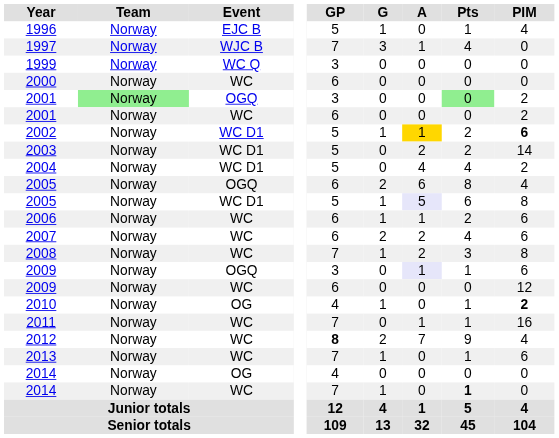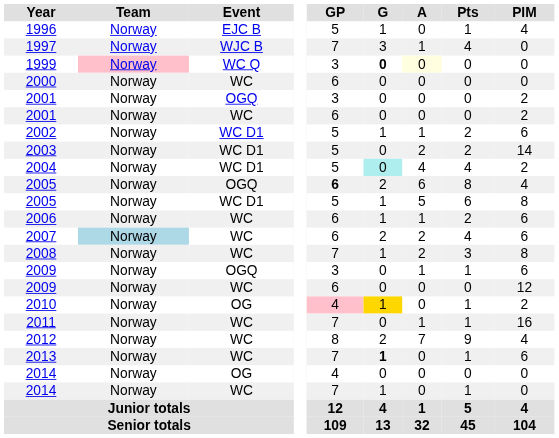 <table border="0" cellpadding="1" cellspacing="0" style="text-align:center; width:40em">
 <tr ALIGN="center" bgcolor="#e0e0e0">
 <th>Year</th>
 <th>Team</th>
 <th>Event</th>
 <th ALIGN="center" rowspan="99" bgcolor="#ffffff"> </th>
 <th>GP</th>
 <th>G</th>
 <th>A</th>
 <th>Pts</th>
 <th>PIM</th>
 </tr>
 <tr>
 <td><a href='#'>1996</a></td>
 <td><a href='#'>Norway</a></td>
 <td><a href='#'>EJC B</a></td>
 <td>5</td>
 <td>1</td>
 <td>0</td>
 <td>1</td>
 <td>4</td>
 </tr>
 <tr bgcolor="#f0f0f0">
 <td><a href='#'>1997</a></td>
 <td><a href='#'>Norway</a></td>
 <td><a href='#'>WJC B</a></td>
 <td>7</td>
 <td>3</td>
 <td>1</td>
 <td>4</td>
 <td>0</td>
 </tr>
 <tr>
 <td><a href='#'>1999</a></td>
-<td><a href='#'>Norway</a></td>
+<td style="background: pink;"><a href='#'>Norway</a></td>
 <td><a href='#'>WC Q</a></td>
 <td>3</td>
-<td>0</td>
-<td>0</td>
+<td><strong>0</strong></td>
+<td style="background: lightyellow;">0</td>
 <td>0</td>
 <td>0</td>
 </tr>
 <tr bgcolor="#f0f0f0">
 <td><a href='#'>2000</a></td>
 <td>Norway</td>
 <td>WC</td>
 <td>6</td>
 <td>0</td>
 <td>0</td>
 <td>0</td>
 <td>0</td>
 </tr>
 <tr>
 <td><a href='#'>2001</a></td>
-<td style="background: lightgreen;">Norway</td>
+<td>Norway</td>
 <td><a href='#'>OGQ</a></td>
 <td>3</td>
 <td>0</td>
 <td>0</td>
-<td style="background: lightgreen;">0</td>
+<td>0</td>
 <td>2</td>
 </tr>
 <tr bgcolor="#f0f0f0">
 <td><a href='#'>2001</a></td>
 <td>Norway</td>
 <td>WC</td>
 <td>6</td>
 <td>0</td>
 <td>0</td>
 <td>0</td>
 <td>2</td>
 </tr>
 <tr>
 <td><a href='#'>2002</a></td>
 <td>Norway</td>
 <td><a href='#'>WC D1</a></td>
 <td>5</td>
 <td>1</td>
-<td style="background: gold;">1</td>
+<td>1</td>
 <td>2</td>
-<td><strong>6</strong></td>
+<td>6</td>
 </tr>
 <tr bgcolor="#f0f0f0">
 <td><a href='#'>2003</a></td>
 <td>Norway</td>
 <td>WC D1</td>
 <td>5</td>
 <td>0</td>
 <td>2</td>
 <td>2</td>
 <td>14</td>
 </tr>
 <tr>
 <td><a href='#'>2004</a></td>
 <td>Norway</td>
 <td>WC D1</td>
 <td>5</td>
-<td>0</td>
+<td style="background: paleturquoise;">0</td>
 <td>4</td>
 <td>4</td>
 <td>2</td>
 </tr>
 <tr bgcolor="#f0f0f0">
 <td><a href='#'>2005</a></td>
 <td>Norway</td>
 <td>OGQ</td>
-<td>6</td>
+<td><strong>6</strong></td>
 <td>2</td>
 <td>6</td>
 <td>8</td>
 <td>4</td>
 </tr>
 <tr>
 <td><a href='#'>2005</a></td>
 <td>Norway</td>
 <td>WC D1</td>
 <td>5</td>
 <td>1</td>
-<td style="background: lavender;">5</td>
+<td>5</td>
 <td>6</td>
 <td>8</td>
 </tr>
 <tr bgcolor="#f0f0f0">
 <td><a href='#'>2006</a></td>
 <td>Norway</td>
 <td>WC</td>
 <td>6</td>
 <td>1</td>
 <td>1</td>
 <td>2</td>
 <td>6</td>
 </tr>
 <tr>
 <td><a href='#'>2007</a></td>
-<td>Norway</td>
+<td style="background: lightblue;">Norway</td>
 <td>WC</td>
 <td>6</td>
 <td>2</td>
 <td>2</td>
 <td>4</td>
 <td>6</td>
 </tr>
 <tr bgcolor="#f0f0f0">
 <td><a href='#'>2008</a></td>
 <td>Norway</td>
 <td>WC</td>
 <td>7</td>
 <td>1</td>
 <td>2</td>
 <td>3</td>
 <td>8</td>
 </tr>
 <tr>
 <td><a href='#'>2009</a></td>
 <td>Norway</td>
 <td>OGQ</td>
 <td>3</td>
 <td>0</td>
-<td style="background: lavender;">1</td>
+<td>1</td>
 <td>1</td>
 <td>6</td>
 </tr>
 <tr bgcolor="#f0f0f0">
 <td><a href='#'>2009</a></td>
 <td>Norway</td>
 <td>WC</td>
 <td>6</td>
 <td>0</td>
 <td>0</td>
 <td>0</td>
 <td>12</td>
 </tr>
 <tr>
 <td><a href='#'>2010</a></td>
 <td>Norway</td>
 <td>OG</td>
-<td>4</td>
-<td>1</td>
+<td style="background: pink;">4</td>
+<td style="background: gold;">1</td>
 <td>0</td>
 <td>1</td>
-<td><strong>2</strong></td>
+<td>2</td>
 </tr>
 <tr bgcolor="#f0f0f0">
 <td><a href='#'>2011</a></td>
 <td>Norway</td>
 <td>WC</td>
 <td>7</td>
 <td>0</td>
 <td>1</td>
 <td>1</td>
 <td>16</td>
 </tr>
 <tr>
 <td><a href='#'>2012</a></td>
 <td>Norway</td>
 <td>WC</td>
-<td><strong>8</strong></td>
+<td>8</td>
 <td>2</td>
 <td>7</td>
 <td>9</td>
 <td>4</td>
 </tr>
 <tr bgcolor="#f0f0f0">
 <td><a href='#'>2013</a></td>
 <td>Norway</td>
 <td>WC</td>
 <td>7</td>
-<td>1</td>
+<td><strong>1</strong></td>
 <td>0</td>
 <td>1</td>
 <td>6</td>
 </tr>
 <tr>
 <td><a href='#'>2014</a></td>
 <td>Norway</td>
 <td>OG</td>
 <td>4</td>
 <td>0</td>
 <td>0</td>
 <td>0</td>
 <td>0</td>
 </tr>
 <tr bgcolor="#f0f0f0">
 <td><a href='#'>2014</a></td>
 <td>Norway</td>
 <td>WC</td>
 <td>7</td>
 <td>1</td>
 <td>0</td>
-<td><strong>1</strong></td>
+<td>1</td>
 <td>0</td>
 </tr>
 <tr bgcolor="#e0e0e0">
 <th colspan="3">Junior totals</th>
 <th>12</th>
 <th>4</th>
 <th>1</th>
 <th>5</th>
 <th>4</th>
 </tr>
 <tr bgcolor="#e0e0e0">
 <th colspan="3">Senior totals</th>
 <th>109</th>
 <th>13</th>
 <th>32</th>
 <th>45</th>
 <th>104</th>
 </tr>
 </table>
